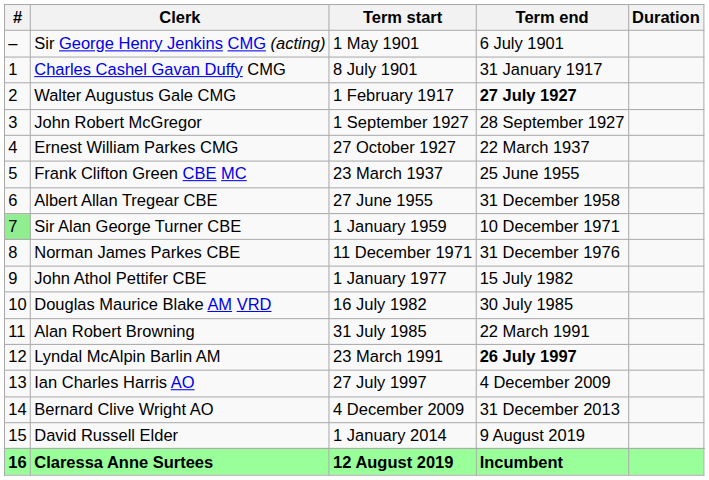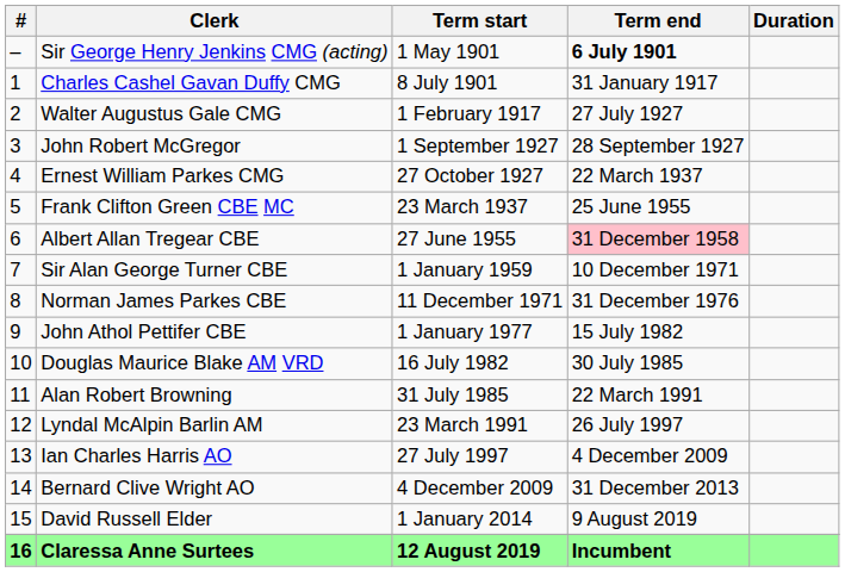 <table class=wikitable>
 <tr>
 <th>#</th>
 <th>Clerk</th>
 <th>Term start</th>
 <th>Term end</th>
 <th>Duration</th>
 </tr>
 <tr>
 <td>–</td>
 <td>Sir <a href='#'>George Henry Jenkins</a> <a href='#'>CMG</a> <em>(acting)</em></td>
 <td>1 May 1901</td>
-<td>6 July 1901</td>
+<td><strong>6 July 1901</strong></td>
 <td></td>
 </tr>
 <tr>
 <td>1</td>
 <td><a href='#'>Charles Cashel Gavan Duffy</a> CMG</td>
 <td>8 July 1901</td>
 <td>31 January 1917</td>
 <td></td>
 </tr>
 <tr>
 <td>2</td>
 <td>Walter Augustus Gale CMG</td>
 <td>1 February 1917</td>
-<td><strong>27 July 1927</strong></td>
+<td>27 July 1927</td>
 <td></td>
 </tr>
 <tr>
 <td>3</td>
 <td>John Robert McGregor</td>
 <td>1 September 1927</td>
 <td>28 September 1927</td>
 <td></td>
 </tr>
 <tr>
 <td>4</td>
 <td>Ernest William Parkes CMG</td>
 <td>27 October 1927</td>
 <td>22 March 1937</td>
 <td></td>
 </tr>
 <tr>
 <td>5</td>
 <td>Frank Clifton Green <a href='#'>CBE</a> <a href='#'>MC</a></td>
 <td>23 March 1937</td>
 <td>25 June 1955</td>
 <td></td>
 </tr>
 <tr>
 <td>6</td>
 <td>Albert Allan Tregear CBE</td>
 <td>27 June 1955</td>
-<td>31 December 1958</td>
+<td style="background: pink;">31 December 1958</td>
 <td></td>
 </tr>
 <tr>
-<td style="background: lightgreen;">7</td>
+<td>7</td>
 <td>Sir Alan George Turner CBE</td>
 <td>1 January 1959</td>
 <td>10 December 1971</td>
 <td></td>
 </tr>
 <tr>
 <td>8</td>
 <td>Norman James Parkes CBE</td>
 <td>11 December 1971</td>
 <td>31 December 1976</td>
 <td></td>
 </tr>
 <tr>
 <td>9</td>
 <td>John Athol Pettifer CBE</td>
 <td>1 January 1977</td>
 <td>15 July 1982</td>
 <td></td>
 </tr>
 <tr>
 <td>10</td>
 <td>Douglas Maurice Blake <a href='#'>AM</a> <a href='#'>VRD</a></td>
 <td>16 July 1982</td>
 <td>30 July 1985</td>
 <td></td>
 </tr>
 <tr>
 <td>11</td>
 <td>Alan Robert Browning</td>
 <td>31 July 1985</td>
 <td>22 March 1991</td>
 <td></td>
 </tr>
 <tr>
 <td>12</td>
 <td>Lyndal McAlpin Barlin AM</td>
 <td>23 March 1991</td>
-<td><strong>26 July 1997</strong></td>
+<td>26 July 1997</td>
 <td></td>
 </tr>
 <tr>
 <td>13</td>
 <td>Ian Charles Harris <a href='#'>AO</a></td>
 <td>27 July 1997</td>
 <td>4 December 2009</td>
 <td></td>
 </tr>
 <tr>
 <td>14</td>
 <td>Bernard Clive Wright AO</td>
 <td>4 December 2009</td>
 <td>31 December 2013</td>
 <td></td>
 </tr>
 <tr>
 <td>15</td>
 <td>David Russell Elder</td>
 <td>1 January 2014</td>
 <td>9 August 2019</td>
 <td></td>
 </tr>
 <tr>
 </tr>
 <tr style="background:#9f9;">
 <td><strong>16</strong></td>
 <td><strong>Claressa Anne Surtees</strong></td>
 <td><strong>12 August 2019</strong></td>
 <td><strong>Incumbent</strong></td>
 <td><strong></strong></td>
 </tr>
 </table>
